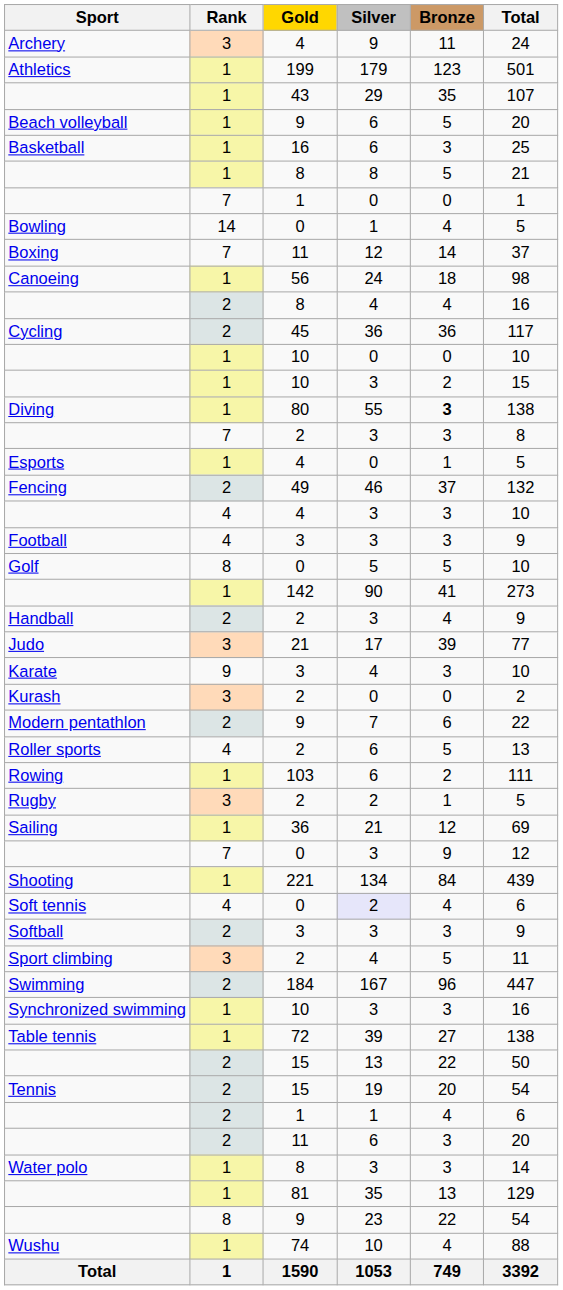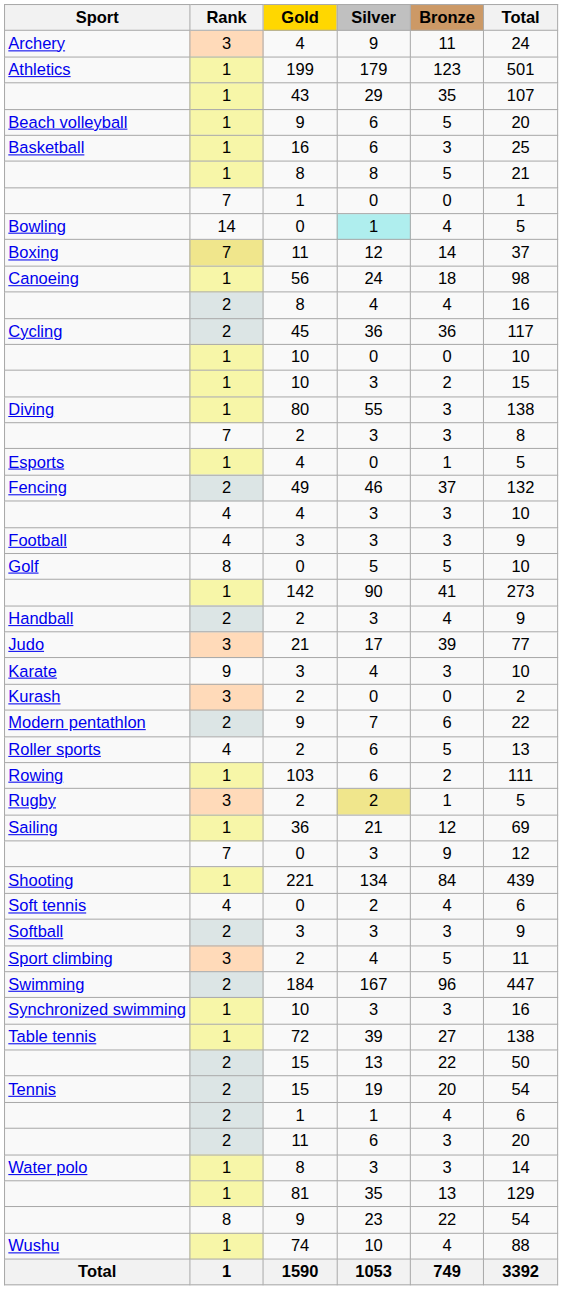 <table class="wikitable sortable" style="margin-top:0em; text-align:center; font-size:100%;">
 <tr>
 <th>Sport</th>
 <th style="width:4em;">Rank</th>
 <th style="background:gold; width:4em;"><strong>Gold</strong></th>
 <th style="background:silver; width:4em;"><strong>Silver</strong></th>
 <th style="background:#cc9966; width:4em;"><strong>Bronze</strong></th>
 <th style="width:4em;">Total</th>
 </tr>
 <tr>
 <td align=left> <a href='#'>Archery</a></td>
 <td bgcolor=ffdab9>3</td>
 <td>4</td>
 <td>9</td>
 <td>11</td>
 <td>24</td>
 </tr>
 <tr>
 <td align=left> <a href='#'>Athletics</a></td>
 <td bgcolor=f7f6a8>1</td>
 <td>199</td>
 <td>179</td>
 <td>123</td>
 <td>501</td>
 </tr>
 <tr>
 <td align=left></td>
 <td bgcolor=f7f6a8>1</td>
 <td>43</td>
 <td>29</td>
 <td>35</td>
 <td>107</td>
 </tr>
 <tr>
 <td align=left> <a href='#'>Beach volleyball</a></td>
 <td bgcolor=f7f6a8>1</td>
 <td>9</td>
 <td>6</td>
 <td>5</td>
 <td>20</td>
 </tr>
 <tr>
 <td align=left> <a href='#'>Basketball</a></td>
 <td bgcolor=f7f6a8>1</td>
 <td>16</td>
 <td>6</td>
 <td>3</td>
 <td>25</td>
 </tr>
 <tr>
 <td align=left></td>
 <td bgcolor=f7f6a8>1</td>
 <td>8</td>
 <td>8</td>
 <td>5</td>
 <td>21</td>
 </tr>
 <tr>
 <td align=left></td>
 <td>7</td>
 <td>1</td>
 <td>0</td>
 <td>0</td>
 <td>1</td>
 </tr>
 <tr>
 <td align=left> <a href='#'>Bowling</a></td>
 <td>14</td>
 <td>0</td>
-<td>1</td>
+<td style="background: paleturquoise;">1</td>
 <td>4</td>
 <td>5</td>
 </tr>
 <tr>
 <td align=left> <a href='#'>Boxing</a></td>
-<td>7</td>
+<td style="background: khaki;">7</td>
 <td>11</td>
 <td>12</td>
 <td>14</td>
 <td>37</td>
 </tr>
 <tr>
 <td align=left> <a href='#'>Canoeing</a></td>
 <td bgcolor=f7f6a8>1</td>
 <td>56</td>
 <td>24</td>
 <td>18</td>
 <td>98</td>
 </tr>
 <tr>
 <td align=left></td>
 <td bgcolor=dce5e5>2</td>
 <td>8</td>
 <td>4</td>
 <td>4</td>
 <td>16</td>
 </tr>
 <tr>
 <td align=left> <a href='#'>Cycling</a></td>
 <td bgcolor=dce5e5>2</td>
 <td>45</td>
 <td>36</td>
 <td>36</td>
 <td>117</td>
 </tr>
 <tr>
 <td align=left></td>
 <td bgcolor=f7f6a8>1</td>
 <td>10</td>
 <td>0</td>
 <td>0</td>
 <td>10</td>
 </tr>
 <tr>
 <td align=left></td>
 <td bgcolor=f7f6a8>1</td>
 <td>10</td>
 <td>3</td>
 <td>2</td>
 <td>15</td>
 </tr>
 <tr>
 <td align=left> <a href='#'>Diving</a></td>
 <td bgcolor=f7f6a8>1</td>
 <td>80</td>
 <td>55</td>
-<td><strong>3</strong></td>
+<td>3</td>
 <td>138</td>
 </tr>
 <tr>
 <td align=left></td>
 <td>7</td>
 <td>2</td>
 <td>3</td>
 <td>3</td>
 <td>8</td>
 </tr>
 <tr>
 <td align=left> <a href='#'>Esports</a></td>
 <td bgcolor=f7f6a8>1</td>
 <td>4</td>
 <td>0</td>
 <td>1</td>
 <td>5</td>
 </tr>
 <tr>
 <td align=left> <a href='#'>Fencing</a></td>
 <td bgcolor=dce5e5>2</td>
 <td>49</td>
 <td>46</td>
 <td>37</td>
 <td>132</td>
 </tr>
 <tr>
 <td align=left></td>
 <td>4</td>
 <td>4</td>
 <td>3</td>
 <td>3</td>
 <td>10</td>
 </tr>
 <tr>
 <td align=left> <a href='#'>Football</a></td>
 <td>4</td>
 <td>3</td>
 <td>3</td>
 <td>3</td>
 <td>9</td>
 </tr>
 <tr>
 <td align=left> <a href='#'>Golf</a></td>
 <td>8</td>
 <td>0</td>
 <td>5</td>
 <td>5</td>
 <td>10</td>
 </tr>
 <tr>
 <td align=left></td>
 <td bgcolor=f7f6a8>1</td>
 <td>142</td>
 <td>90</td>
 <td>41</td>
 <td>273</td>
 </tr>
 <tr>
 <td align=left> <a href='#'>Handball</a></td>
 <td bgcolor=dce5e5>2</td>
 <td>2</td>
 <td>3</td>
 <td>4</td>
 <td>9</td>
 </tr>
 <tr>
 <td align=left> <a href='#'>Judo</a></td>
 <td bgcolor=ffdab9>3</td>
 <td>21</td>
 <td>17</td>
 <td>39</td>
 <td>77</td>
 </tr>
 <tr>
 <td align=left> <a href='#'>Karate</a></td>
 <td>9</td>
 <td>3</td>
 <td>4</td>
 <td>3</td>
 <td>10</td>
 </tr>
 <tr>
 <td align=left> <a href='#'>Kurash</a></td>
 <td bgcolor=ffdab9>3</td>
 <td>2</td>
 <td>0</td>
 <td>0</td>
 <td>2</td>
 </tr>
 <tr>
 <td align=left> <a href='#'>Modern pentathlon</a></td>
 <td bgcolor=dce5e5>2</td>
 <td>9</td>
 <td>7</td>
 <td>6</td>
 <td>22</td>
 </tr>
 <tr>
 <td align=left> <a href='#'>Roller sports</a></td>
 <td>4</td>
 <td>2</td>
 <td>6</td>
 <td>5</td>
 <td>13</td>
 </tr>
 <tr>
 <td align=left> <a href='#'>Rowing</a></td>
 <td bgcolor=f7f6a8>1</td>
 <td>103</td>
 <td>6</td>
 <td>2</td>
 <td>111</td>
 </tr>
 <tr>
 <td align=left> <a href='#'>Rugby</a></td>
 <td bgcolor=ffdab9>3</td>
 <td>2</td>
-<td>2</td>
+<td style="background: khaki;">2</td>
 <td>1</td>
 <td>5</td>
 </tr>
 <tr>
 <td align=left> <a href='#'>Sailing</a></td>
 <td bgcolor=f7f6a8>1</td>
 <td>36</td>
 <td>21</td>
 <td>12</td>
 <td>69</td>
 </tr>
 <tr>
 <td align=left></td>
 <td>7</td>
 <td>0</td>
 <td>3</td>
 <td>9</td>
 <td>12</td>
 </tr>
 <tr>
 <td align=left> <a href='#'>Shooting</a></td>
 <td bgcolor=f7f6a8>1</td>
 <td>221</td>
 <td>134</td>
 <td>84</td>
 <td>439</td>
 </tr>
 <tr>
 <td align=left> <a href='#'>Soft tennis</a></td>
 <td>4</td>
 <td>0</td>
-<td style="background: lavender;">2</td>
+<td>2</td>
 <td>4</td>
 <td>6</td>
 </tr>
 <tr>
 <td align=left> <a href='#'>Softball</a></td>
 <td bgcolor=dce5e5>2</td>
 <td>3</td>
 <td>3</td>
 <td>3</td>
 <td>9</td>
 </tr>
 <tr>
 <td align=left> <a href='#'>Sport climbing</a></td>
 <td bgcolor=ffdab9>3</td>
 <td>2</td>
 <td>4</td>
 <td>5</td>
 <td>11</td>
 </tr>
 <tr>
 <td align=left> <a href='#'>Swimming</a></td>
 <td bgcolor=dce5e5>2</td>
 <td>184</td>
 <td>167</td>
 <td>96</td>
 <td>447</td>
 </tr>
 <tr>
 <td align=left> <a href='#'>Synchronized swimming</a></td>
 <td bgcolor=f7f6a8>1</td>
 <td>10</td>
 <td>3</td>
 <td>3</td>
 <td>16</td>
 </tr>
 <tr>
 <td align=left> <a href='#'>Table tennis</a></td>
 <td bgcolor=f7f6a8>1</td>
 <td>72</td>
 <td>39</td>
 <td>27</td>
 <td>138</td>
 </tr>
 <tr>
 <td align=left></td>
 <td bgcolor=dce5e5>2</td>
 <td>15</td>
 <td>13</td>
 <td>22</td>
 <td>50</td>
 </tr>
 <tr>
 <td align=left> <a href='#'>Tennis</a></td>
 <td bgcolor=dce5e5>2</td>
 <td>15</td>
 <td>19</td>
 <td>20</td>
 <td>54</td>
 </tr>
 <tr>
 <td align=left></td>
 <td bgcolor=dce5e5>2</td>
 <td>1</td>
 <td>1</td>
 <td>4</td>
 <td>6</td>
 </tr>
 <tr>
 <td align=left></td>
 <td bgcolor=dce5e5>2</td>
 <td>11</td>
 <td>6</td>
 <td>3</td>
 <td>20</td>
 </tr>
 <tr>
 <td align=left> <a href='#'>Water polo</a></td>
 <td bgcolor=f7f6a8>1</td>
 <td>8</td>
 <td>3</td>
 <td>3</td>
 <td>14</td>
 </tr>
 <tr>
 <td align=left></td>
 <td bgcolor=f7f6a8>1</td>
 <td>81</td>
 <td>35</td>
 <td>13</td>
 <td>129</td>
 </tr>
 <tr>
 <td align=left></td>
 <td>8</td>
 <td>9</td>
 <td>23</td>
 <td>22</td>
 <td>54</td>
 </tr>
 <tr>
 <td align=left> <a href='#'>Wushu</a></td>
 <td bgcolor=f7f6a8>1</td>
 <td>74</td>
 <td>10</td>
 <td>4</td>
 <td>88</td>
 </tr>
 <tr>
 <th>Total</th>
 <th>1</th>
 <th>1590</th>
 <th>1053</th>
 <th>749</th>
 <th>3392</th>
 </tr>
 </table>
